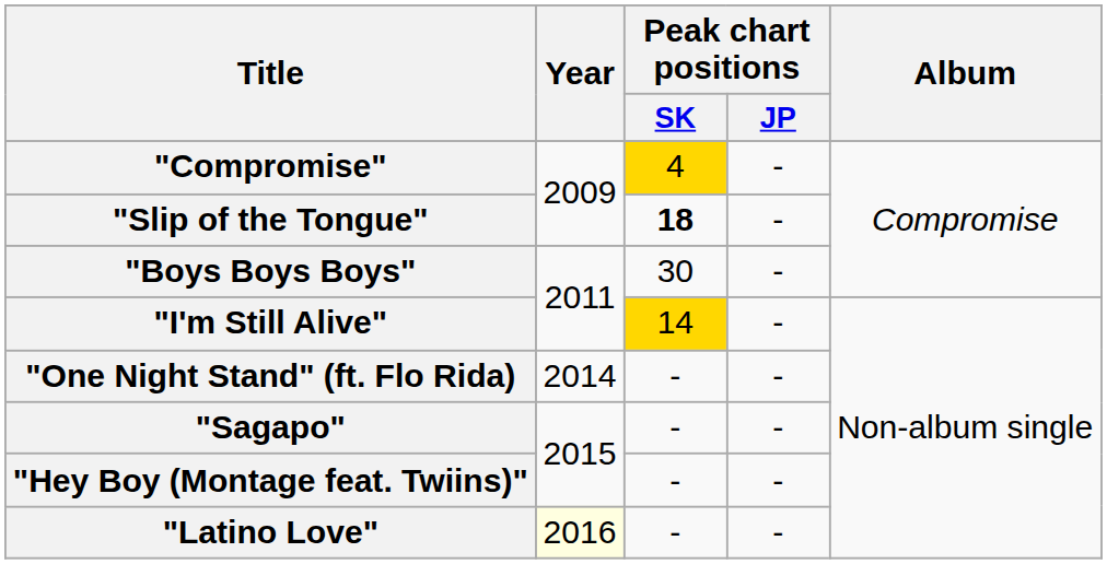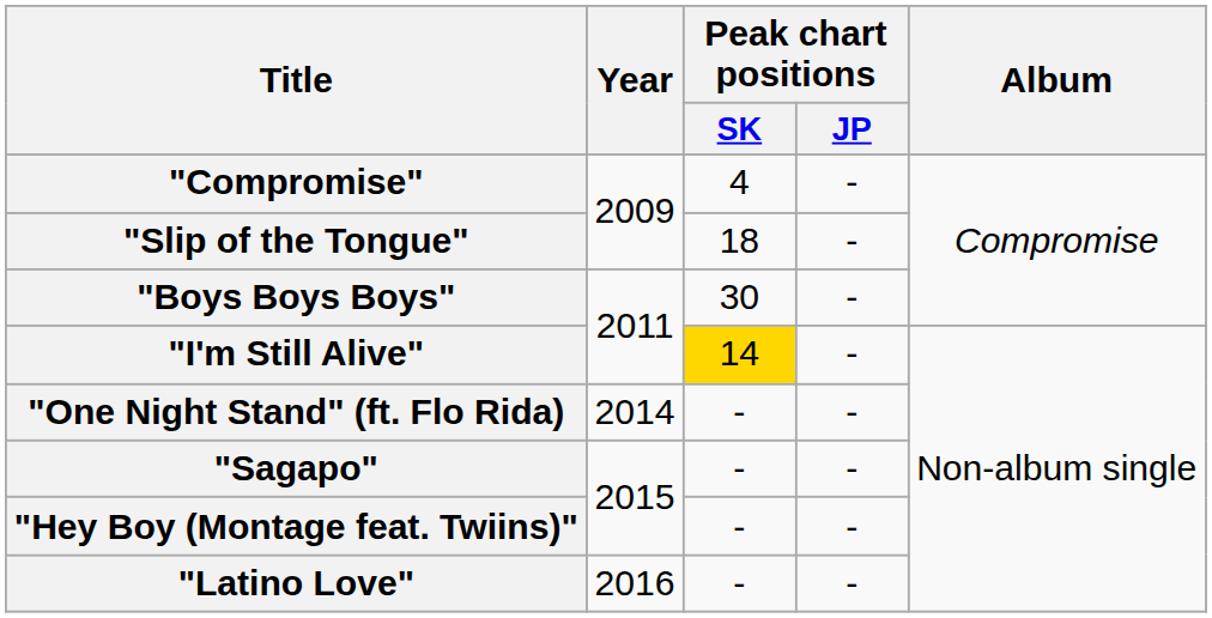 <table class="wikitable plainrowheaders" style="text-align:center;">
 <tr>
 <th scope="col" rowspan="2">Title</th>
 <th scope="col" rowspan="2">Year</th>
 <th scope="col" colspan="2">Peak chart positions</th>
 <th scope="col" rowspan="2">Album</th>
 </tr>
 <tr>
 <th scope="col" style="width:3em;font-size:90%;"><a href='#'>SK</a></th>
 <th scope="col" style="width:3em;font-size:90%;"><a href='#'>JP</a></th>
 </tr>
 <tr>
 <th scope="row">"Compromise"</th>
 <td rowspan="2">2009</td>
-<td style="background: gold;">4</td>
+<td>4</td>
 <td>-</td>
 <td rowspan="3"><em>Compromise</em></td>
 </tr>
 <tr>
 <th scope="row">"Slip of the Tongue"</th>
-<td><strong>18</strong></td>
+<td>18</td>
 <td>-</td>
 </tr>
 <tr>
 <th scope="row">"Boys Boys Boys"</th>
 <td rowspan="2">2011</td>
 <td>30</td>
 <td>-</td>
 </tr>
 <tr>
 <th scope="row">"I'm Still Alive"</th>
 <td style="background: gold;">14</td>
 <td>-</td>
 <td rowspan="5">Non-album single</td>
 </tr>
 <tr>
 <th scope="row">"One Night Stand" (ft. Flo Rida)</th>
 <td>2014</td>
 <td>-</td>
 <td>-</td>
 </tr>
 <tr>
 <th scope="row">"Sagapo"</th>
 <td rowspan="2">2015</td>
 <td>-</td>
 <td>-</td>
 </tr>
 <tr>
 <th scope="row">"Hey Boy (Montage feat. Twiins)"</th>
 <td>-</td>
 <td>-</td>
 </tr>
 <tr>
 <th scope="row">"Latino Love"</th>
-<td style="background: lightyellow;">2016</td>
+<td>2016</td>
 <td>-</td>
 <td>-</td>
 </tr>
 </table>
